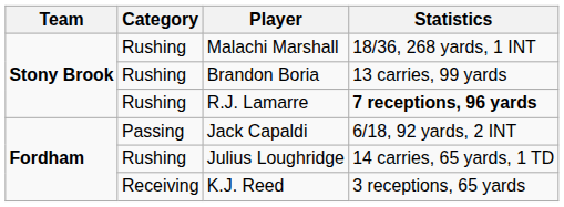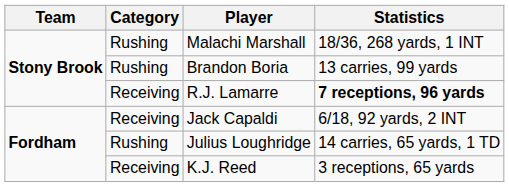 <table class="wikitable" style="float: right;">
 <tr>
 <th>Team</th>
 <th>Category</th>
 <th>Player</th>
 <th>Statistics</th>
 </tr>
 <tr>
 <td rowspan=3><strong>Stony Brook</strong></td>
 <td>Rushing</td>
 <td>Malachi Marshall</td>
 <td>18/36, 268 yards, 1 INT</td>
 </tr>
 <tr>
 <td>Rushing</td>
 <td>Brandon Boria</td>
 <td>13 carries, 99 yards</td>
 </tr>
 <tr>
-<td>Rushing</td>
+<td>Receiving</td>
 <td>R.J. Lamarre</td>
 <td><strong>7 receptions, 96 yards</strong></td>
 </tr>
 <tr>
 <td rowspan=3><strong>Fordham</strong></td>
-<td>Passing</td>
+<td>Receiving</td>
 <td>Jack Capaldi</td>
 <td>6/18, 92 yards, 2 INT</td>
 </tr>
 <tr>
 <td>Rushing</td>
 <td>Julius Loughridge</td>
 <td>14 carries, 65 yards, 1 TD</td>
 </tr>
 <tr>
 <td>Receiving</td>
 <td>K.J. Reed</td>
 <td>3 receptions, 65 yards</td>
 </tr>
 </table>
